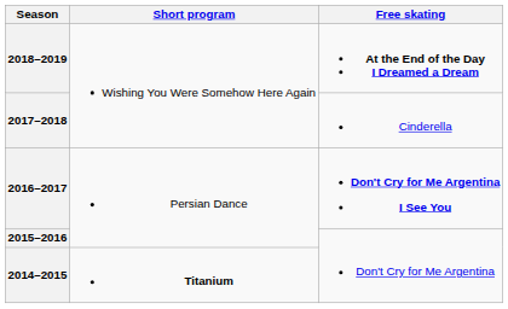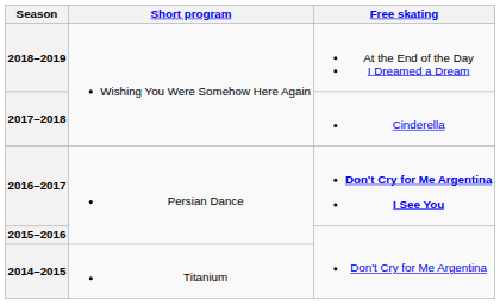 <table class=wikitable style=text-align:center>
 <tr>
 <th>Season</th>
 <th><a href='#'>Short program</a></th>
 <th><a href='#'>Free skating</a></th>
 </tr>
 <tr>
 <th>2018–2019</th>
 <td rowspan=2><br><ul><li>Wishing You Were Somehow Here Again <br> </li></ul></td>
-<td><strong><br><ul><li>At the End of the Day</li><li><a href='#'>I Dreamed a Dream</a> <br> </li></ul></strong></td>
+<td><br><ul><li>At the End of the Day</li><li><a href='#'>I Dreamed a Dream</a> <br> </li></ul></td>
 </tr>
 <tr>
 <th>2017–2018 <br></th>
 <td><br><ul><li><a href='#'>Cinderella</a> <br></li></ul></td>
 </tr>
 <tr>
 <th>2016–2017 <br></th>
 <td rowspan=2><br><ul><li>Persian Dance <br></li></ul></td>
 <td><strong><br><ul><li><a href='#'>Don't Cry for Me Argentina</a> <br></li></ul><ul><li><a href='#'>I See You</a> <br></li></ul></strong></td>
 </tr>
 <tr>
 <th>2015–2016 <br> </th>
 <td rowspan=2><br><ul><li><a href='#'>Don't Cry for Me Argentina</a> <br></li></ul></td>
 </tr>
 <tr>
 <th>2014–2015 <br> </th>
-<td><strong><br><ul><li>Titanium <br> </li></ul></strong></td>
+<td><br><ul><li>Titanium <br> </li></ul></td>
 </tr>
 </table>
